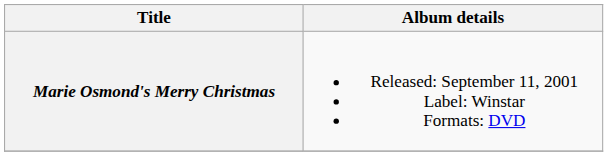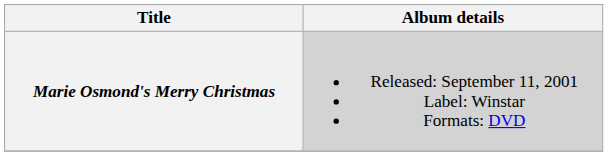 <table class="wikitable plainrowheaders" style="text-align:center;" border="1">
 <tr>
 <th style="width:17em;">Title</th>
 <th style="width:17em;">Album details</th>
 </tr>
 <tr>
 <th scope="row"><em>Marie Osmond's Merry Christmas</em></th>
-<td><br><ul><li>Released: September 11, 2001</li><li>Label: Winstar</li><li>Formats: <a href='#'>DVD</a></li></ul></td>
+<td style="background: lightgrey;"><br><ul><li>Released: September 11, 2001</li><li>Label: Winstar</li><li>Formats: <a href='#'>DVD</a></li></ul></td>
 </tr>
 <tr>
 </tr>
 </table>
